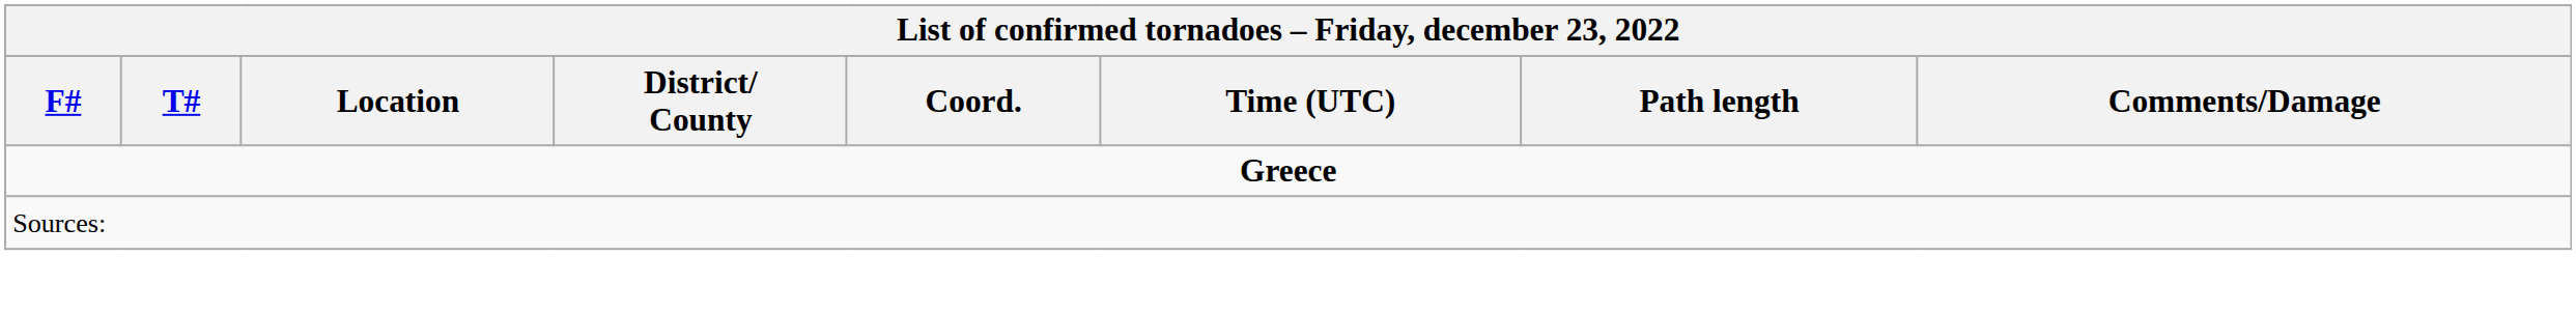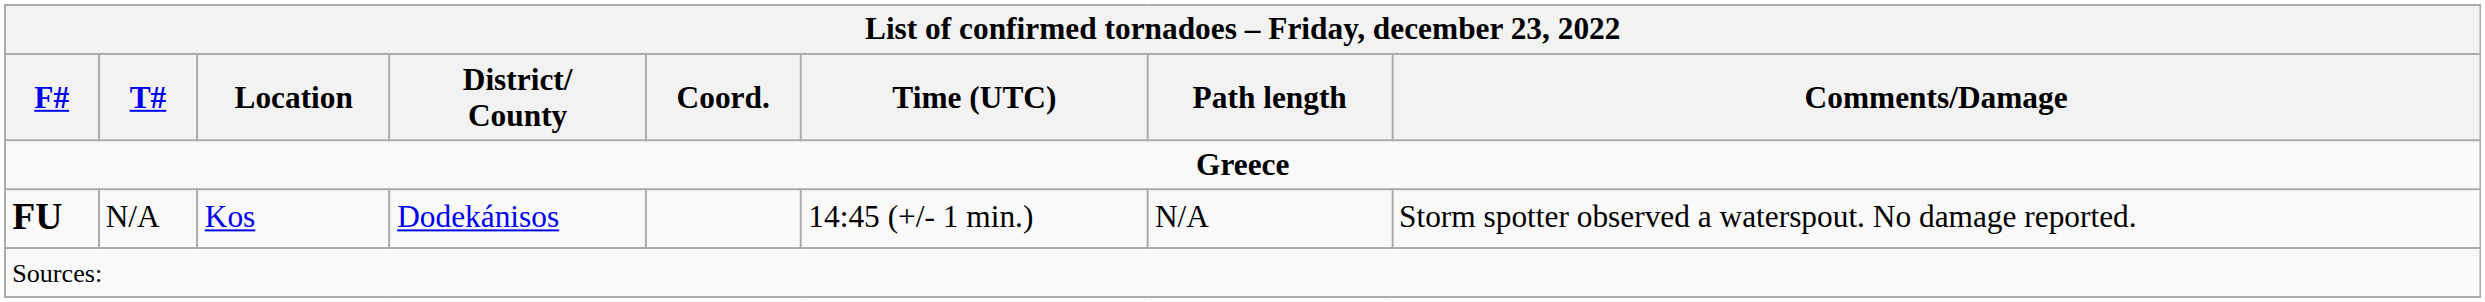 <table class="wikitable collapsible" width="100%">
 <tr>
 <th colspan="8">List of confirmed tornadoes – Friday, december 23, 2022</th>
 </tr>
 <tr>
 <th><a href='#'>F#</a></th>
 <th><a href='#'>T#</a></th>
 <th>Location</th>
 <th>District/<br>County</th>
 <th>Coord.</th>
 <th>Time (UTC)</th>
 <th>Path length</th>
 <th>Comments/Damage</th>
 </tr>
 <tr>
 <td colspan="8" align=center><strong>Greece</strong></td>
 </tr>
 <tr>
+<td><big><strong>FU</strong></big></td>
+<td>N/A</td>
+<td><a href='#'>Kos</a></td>
+<td><a href='#'>Dodekánisos</a></td>
+<td></td>
+<td>14:45 (+/- 1 min.)</td>
+<td>N/A</td>
+<td>Storm spotter observed a waterspout. No damage reported.</td>
+</tr>
+<tr>
 <td colspan="8"><small>Sources:  </small></td>
 </tr>
 </table>
